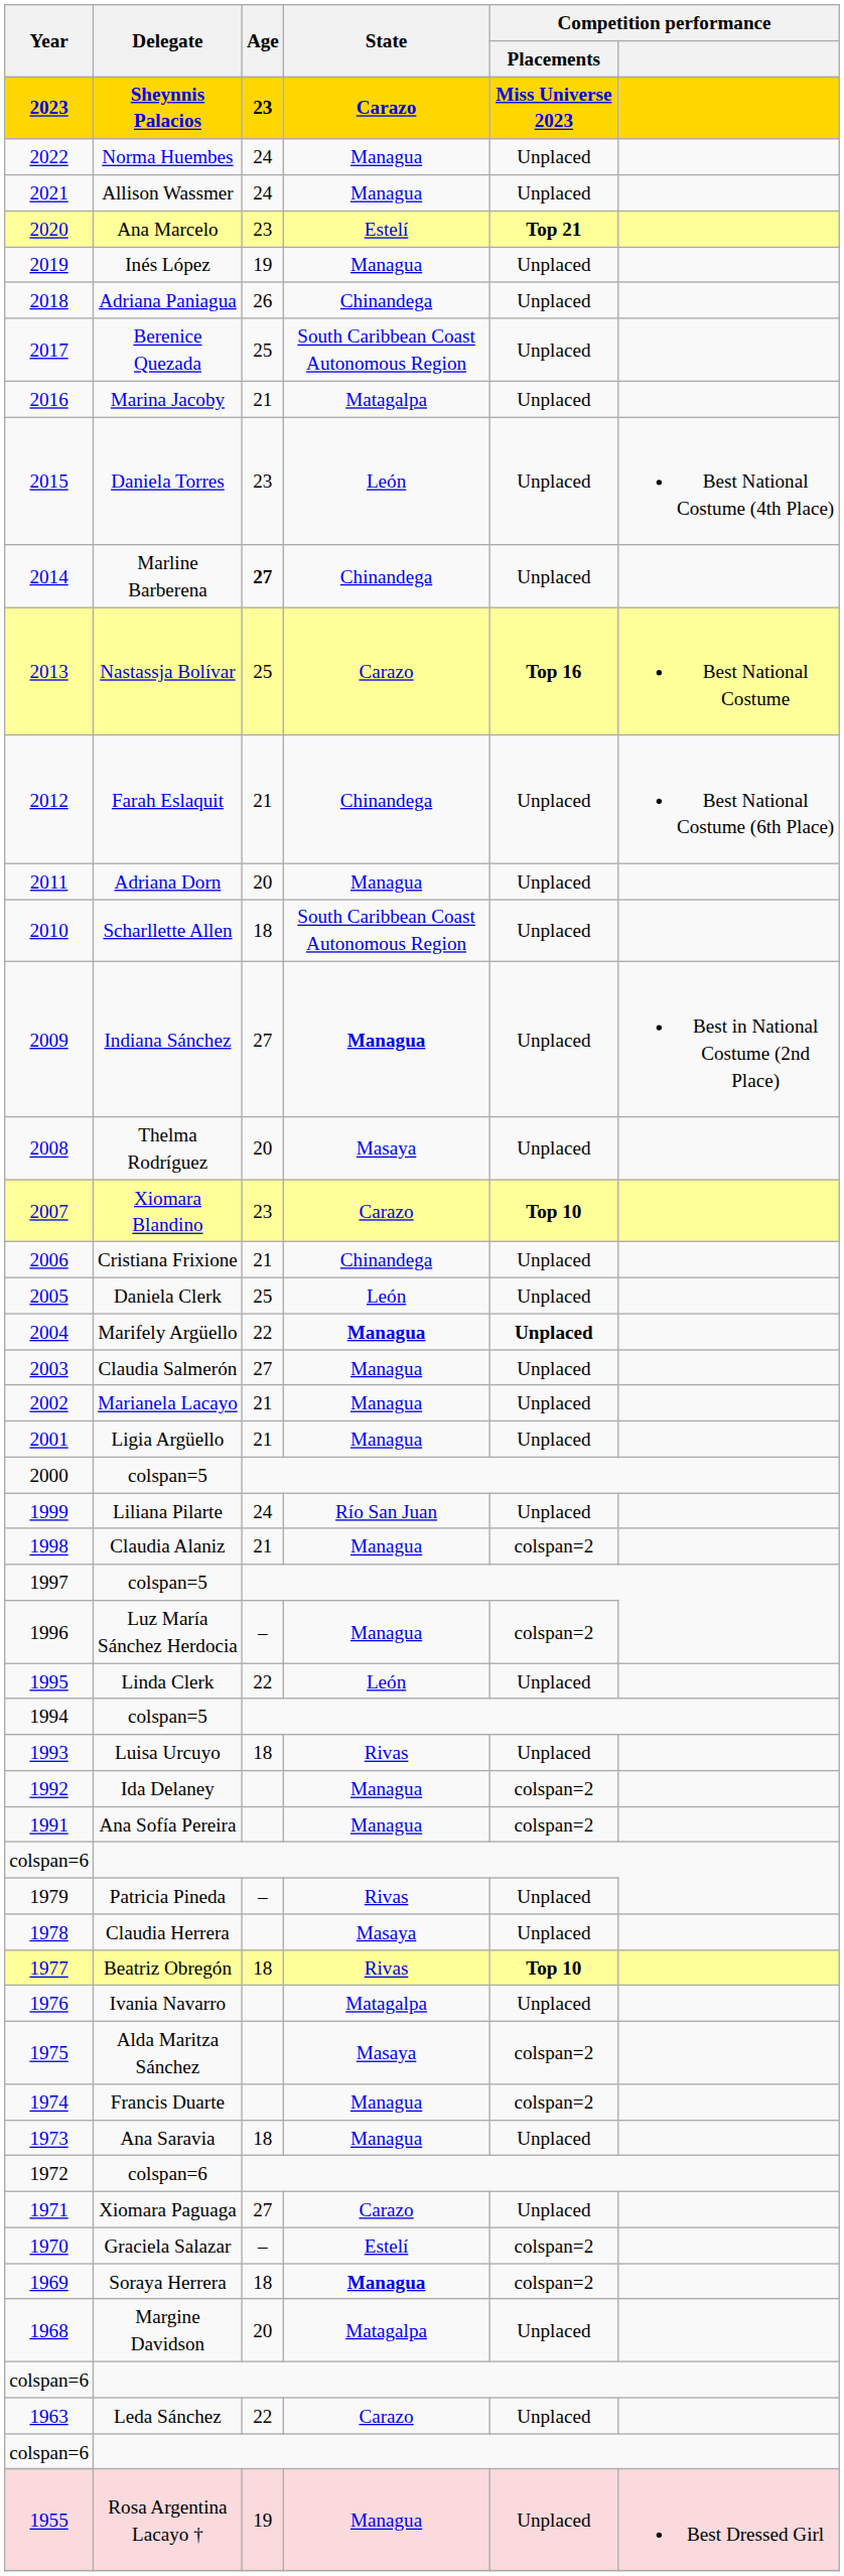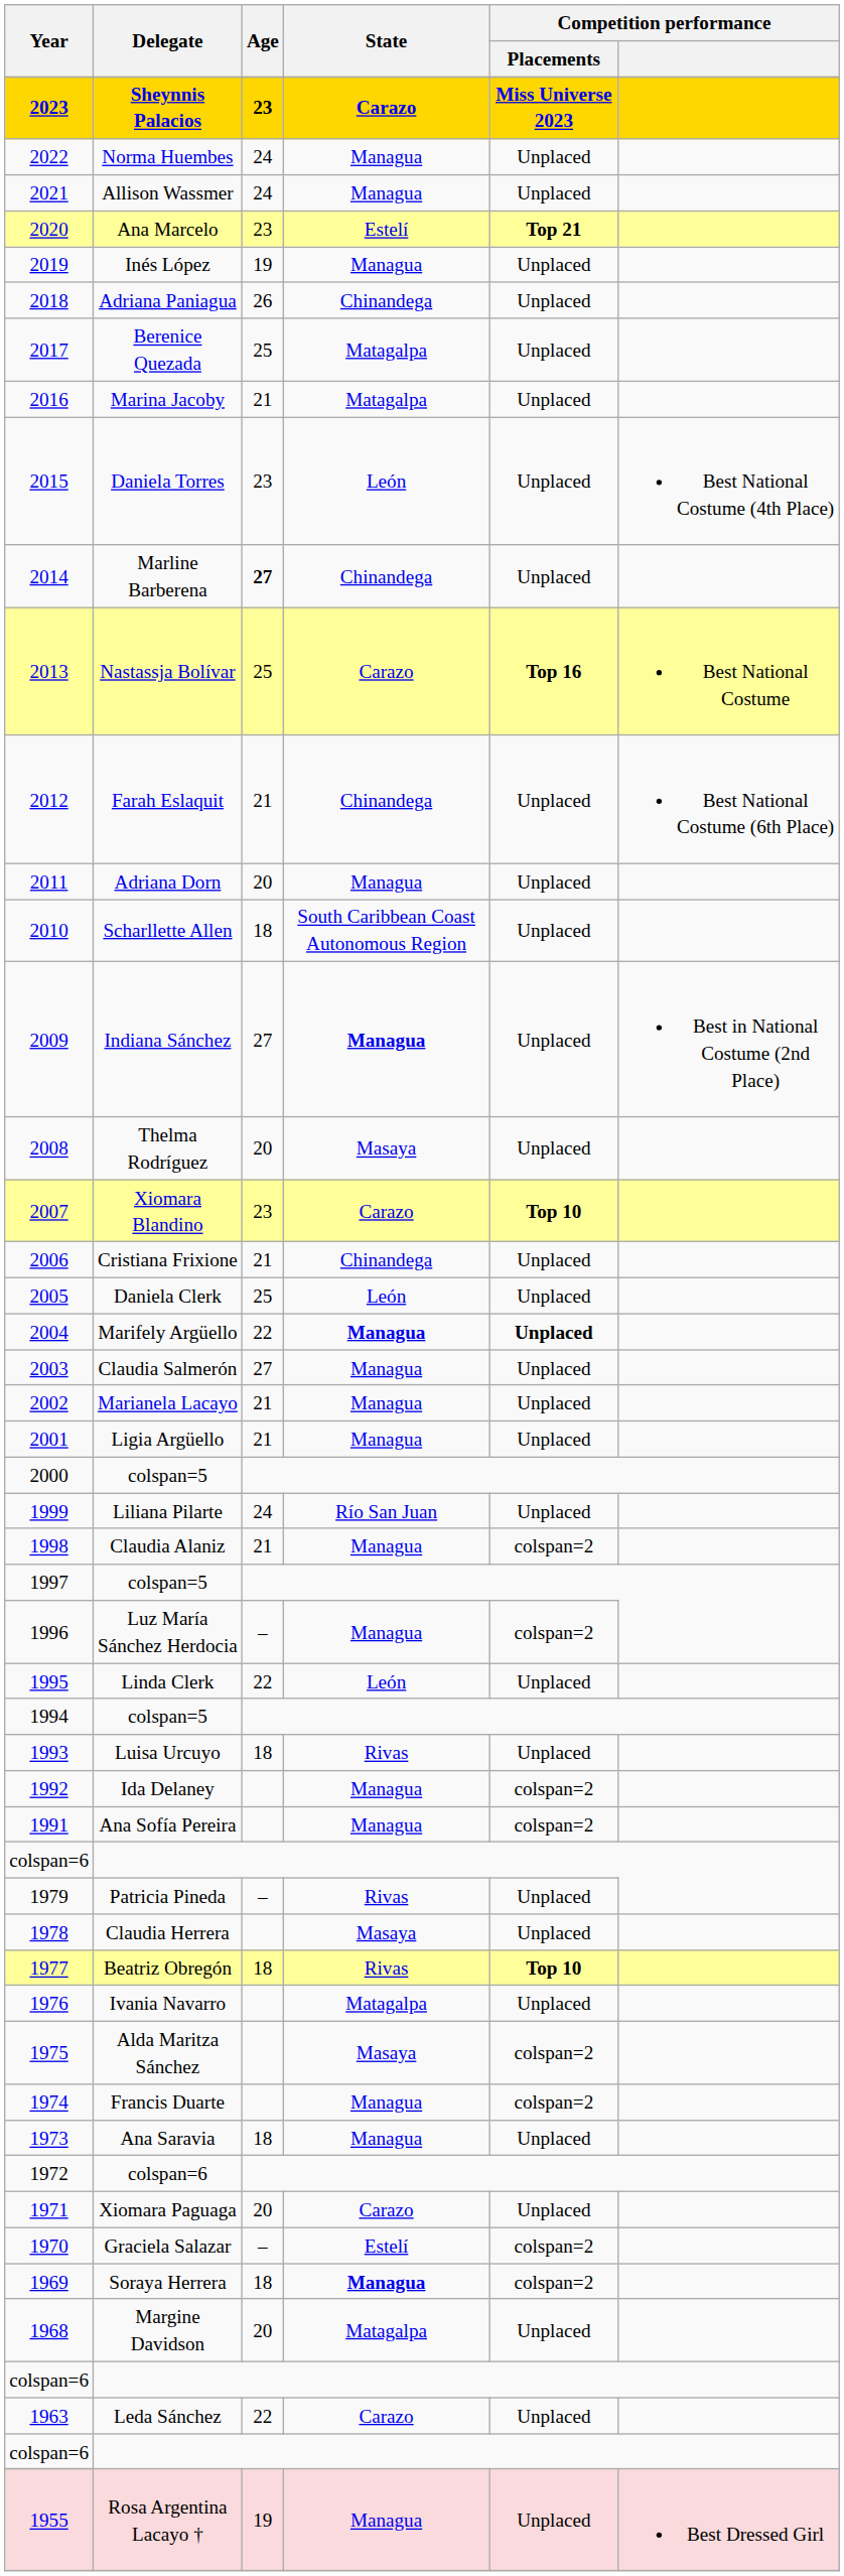 <table class="wikitable" style="text-align:center; line-height:20px; font-size:90%; width:100%;">
 <tr>
 <th rowspan="2">Year</th>
 <th rowspan="2">Delegate</th>
 <th rowspan="2">Age</th>
 <th rowspan="2">State</th>
 <th colspan="2">Competition performance</th>
 </tr>
 <tr>
 <th>Placements</th>
 <th></th>
 </tr>
 <tr>
 </tr>
 <tr style="background-color:GOLD; font-weight: bold">
 <td><a href='#'>2023</a></td>
 <td><a href='#'>Sheynnis Palacios</a></td>
 <td>23</td>
 <td><a href='#'>Carazo</a></td>
 <td><a href='#'>Miss Universe 2023</a></td>
 <td></td>
 </tr>
 <tr>
 <td><a href='#'>2022</a></td>
 <td><a href='#'>Norma Huembes</a></td>
 <td>24</td>
 <td><a href='#'>Managua</a></td>
 <td>Unplaced</td>
 <td></td>
 </tr>
 <tr>
 <td><a href='#'>2021</a></td>
 <td>Allison Wassmer</td>
 <td>24</td>
 <td><a href='#'>Managua</a></td>
 <td>Unplaced</td>
 <td></td>
 </tr>
 <tr style="background-color:#FFFF99;">
 <td><a href='#'>2020</a></td>
 <td>Ana Marcelo</td>
 <td>23</td>
 <td><a href='#'>Estelí</a></td>
 <td><strong>Top 21</strong></td>
 <td></td>
 </tr>
 <tr>
 <td><a href='#'>2019</a></td>
 <td>Inés López</td>
 <td>19</td>
 <td><a href='#'>Managua</a></td>
 <td>Unplaced</td>
 <td></td>
 </tr>
 <tr>
 <td><a href='#'>2018</a></td>
 <td><a href='#'>Adriana Paniagua</a></td>
 <td>26</td>
 <td><a href='#'>Chinandega</a></td>
 <td>Unplaced</td>
 <td></td>
 </tr>
 <tr>
 <td><a href='#'>2017</a></td>
 <td><a href='#'>Berenice Quezada</a></td>
 <td>25</td>
-<td><a href='#'>South Caribbean Coast Autonomous Region</a></td>
+<td><a href='#'>Matagalpa</a></td>
 <td>Unplaced</td>
 <td></td>
 </tr>
 <tr>
 <td><a href='#'>2016</a></td>
 <td><a href='#'>Marina Jacoby</a></td>
 <td>21</td>
 <td><a href='#'>Matagalpa</a></td>
 <td>Unplaced</td>
 <td></td>
 </tr>
 <tr>
 <td><a href='#'>2015</a></td>
 <td><a href='#'>Daniela Torres</a></td>
 <td>23</td>
 <td><a href='#'>León</a></td>
 <td>Unplaced</td>
 <td><br><ul><li>Best National Costume (4th Place)</li></ul></td>
 </tr>
 <tr>
 <td><a href='#'>2014</a></td>
 <td>Marline Barberena</td>
 <td><strong>27</strong></td>
 <td><a href='#'>Chinandega</a></td>
 <td>Unplaced</td>
 <td></td>
 </tr>
 <tr style="background-color:#FFFF99;">
 <td><a href='#'>2013</a></td>
 <td><a href='#'>Nastassja Bolívar</a></td>
 <td>25</td>
 <td><a href='#'>Carazo</a></td>
 <td><strong>Top 16</strong></td>
 <td><br><ul><li>Best National Costume</li></ul></td>
 </tr>
 <tr>
 <td><a href='#'>2012</a></td>
 <td><a href='#'>Farah Eslaquit</a></td>
 <td>21</td>
 <td><a href='#'>Chinandega</a></td>
 <td>Unplaced</td>
 <td><br><ul><li>Best National Costume (6th Place)</li></ul></td>
 </tr>
 <tr>
 <td><a href='#'>2011</a></td>
 <td><a href='#'>Adriana Dorn</a></td>
 <td>20</td>
 <td><a href='#'>Managua</a></td>
 <td>Unplaced</td>
 <td></td>
 </tr>
 <tr>
 <td><a href='#'>2010</a></td>
 <td><a href='#'>Scharllette Allen</a></td>
 <td>18</td>
 <td><a href='#'>South Caribbean Coast Autonomous Region</a></td>
 <td>Unplaced</td>
 <td></td>
 </tr>
 <tr>
 <td><a href='#'>2009</a></td>
 <td><a href='#'>Indiana Sánchez</a></td>
 <td>27</td>
 <td><strong><a href='#'>Managua</a></strong></td>
 <td>Unplaced</td>
 <td><br><ul><li>Best in National Costume (2nd Place)</li></ul></td>
 </tr>
 <tr>
 <td><a href='#'>2008</a></td>
 <td>Thelma Rodríguez</td>
 <td>20</td>
 <td><a href='#'>Masaya</a></td>
 <td>Unplaced</td>
 <td></td>
 </tr>
 <tr style="background-color:#FFFF99;">
 <td><a href='#'>2007</a></td>
 <td><a href='#'>Xiomara Blandino</a></td>
 <td>23</td>
 <td><a href='#'>Carazo</a></td>
 <td><strong>Top 10</strong></td>
 <td></td>
 </tr>
 <tr>
 <td><a href='#'>2006</a></td>
 <td>Cristiana Frixione</td>
 <td>21</td>
 <td><a href='#'>Chinandega</a></td>
 <td>Unplaced</td>
 <td></td>
 </tr>
 <tr>
 <td><a href='#'>2005</a></td>
 <td>Daniela Clerk</td>
 <td>25</td>
 <td><a href='#'>León</a></td>
 <td>Unplaced</td>
 <td></td>
 </tr>
 <tr>
 <td><a href='#'>2004</a></td>
 <td>Marifely Argüello</td>
 <td>22</td>
 <td><strong><a href='#'>Managua</a></strong></td>
 <td><strong>Unplaced</strong></td>
 <td></td>
 </tr>
 <tr>
 <td><a href='#'>2003</a></td>
 <td>Claudia Salmerón</td>
 <td>27</td>
 <td><a href='#'>Managua</a></td>
 <td>Unplaced</td>
 <td></td>
 </tr>
 <tr>
 <td><a href='#'>2002</a></td>
 <td><a href='#'>Marianela Lacayo</a></td>
 <td>21</td>
 <td><a href='#'>Managua</a></td>
 <td>Unplaced</td>
 <td></td>
 </tr>
 <tr>
 <td><a href='#'>2001</a></td>
 <td>Ligia Argüello</td>
 <td>21</td>
 <td><a href='#'>Managua</a></td>
 <td>Unplaced</td>
 <td></td>
 </tr>
 <tr>
 <td>2000</td>
 <td>colspan=5 </td>
 </tr>
 <tr>
 <td><a href='#'>1999</a></td>
 <td>Liliana Pilarte</td>
 <td>24</td>
 <td><a href='#'>Río San Juan</a></td>
 <td>Unplaced</td>
 <td></td>
 </tr>
 <tr>
 <td><a href='#'>1998</a></td>
 <td>Claudia Alaniz</td>
 <td>21</td>
 <td><a href='#'>Managua</a></td>
 <td>colspan=2 </td>
 <td></td>
 </tr>
 <tr>
 <td>1997</td>
 <td>colspan=5 </td>
 </tr>
 <tr>
 <td>1996</td>
 <td>Luz María Sánchez Herdocia</td>
 <td>–</td>
 <td><a href='#'>Managua</a></td>
 <td>colspan=2 </td>
 </tr>
 <tr>
 <td><a href='#'>1995</a></td>
 <td>Linda Clerk</td>
 <td>22</td>
 <td><a href='#'>León</a></td>
 <td>Unplaced</td>
 <td></td>
 </tr>
 <tr>
 <td>1994</td>
 <td>colspan=5 </td>
 </tr>
 <tr>
 <td><a href='#'>1993</a></td>
 <td>Luisa Urcuyo</td>
 <td>18</td>
 <td><a href='#'>Rivas</a></td>
 <td>Unplaced</td>
 <td></td>
 </tr>
 <tr>
 <td><a href='#'>1992</a></td>
 <td>Ida Delaney</td>
 <td></td>
 <td><a href='#'>Managua</a></td>
 <td>colspan=2 </td>
 <td></td>
 </tr>
 <tr>
 <td><a href='#'>1991</a></td>
 <td>Ana Sofía Pereira</td>
 <td></td>
 <td><a href='#'>Managua</a></td>
 <td>colspan=2 </td>
 <td></td>
 </tr>
 <tr>
 <td>colspan=6 </td>
 </tr>
 <tr>
 <td>1979</td>
 <td>Patricia Pineda</td>
 <td>–</td>
 <td><a href='#'>Rivas</a></td>
 <td>Unplaced</td>
 </tr>
 <tr>
 <td><a href='#'>1978</a></td>
 <td>Claudia Herrera</td>
 <td></td>
 <td><a href='#'>Masaya</a></td>
 <td>Unplaced</td>
 <td></td>
 </tr>
 <tr style="background-color:#FFFF99;">
 <td><a href='#'>1977</a></td>
 <td>Beatriz Obregón</td>
 <td>18</td>
 <td><a href='#'>Rivas</a></td>
 <td><strong>Top 10</strong></td>
 <td></td>
 </tr>
 <tr>
 <td><a href='#'>1976</a></td>
 <td>Ivania Navarro</td>
 <td></td>
 <td><a href='#'>Matagalpa</a></td>
 <td>Unplaced</td>
 <td></td>
 </tr>
 <tr>
 <td><a href='#'>1975</a></td>
 <td>Alda Maritza Sánchez</td>
 <td></td>
 <td><a href='#'>Masaya</a></td>
 <td>colspan=2 </td>
 <td></td>
 </tr>
 <tr>
 <td><a href='#'>1974</a></td>
 <td>Francis Duarte</td>
 <td></td>
 <td><a href='#'>Managua</a></td>
 <td>colspan=2 </td>
 <td></td>
 </tr>
 <tr>
 <td><a href='#'>1973</a></td>
 <td>Ana Saravia</td>
 <td>18</td>
 <td><a href='#'>Managua</a></td>
 <td>Unplaced</td>
 <td></td>
 </tr>
 <tr>
 <td>1972</td>
 <td>colspan=6 </td>
 </tr>
 <tr>
 <td><a href='#'>1971</a></td>
 <td>Xiomara Paguaga</td>
-<td>27</td>
+<td>20</td>
 <td><a href='#'>Carazo</a></td>
 <td>Unplaced</td>
 <td></td>
 </tr>
 <tr>
 <td><a href='#'>1970</a></td>
 <td>Graciela Salazar</td>
 <td>–</td>
 <td><a href='#'>Estelí</a></td>
 <td>colspan=2 </td>
 <td></td>
 </tr>
 <tr>
 <td><a href='#'>1969</a></td>
 <td>Soraya Herrera</td>
 <td>18</td>
 <td><strong><a href='#'>Managua</a></strong></td>
 <td>colspan=2 </td>
 <td></td>
 </tr>
 <tr>
 <td><a href='#'>1968</a></td>
 <td>Margine Davidson</td>
 <td>20</td>
 <td><a href='#'>Matagalpa</a></td>
 <td>Unplaced</td>
 <td></td>
 </tr>
 <tr>
 <td>colspan=6 </td>
 </tr>
 <tr>
 <td><a href='#'>1963</a></td>
 <td>Leda Sánchez</td>
 <td>22</td>
 <td><a href='#'>Carazo</a></td>
 <td>Unplaced</td>
 <td></td>
 </tr>
 <tr>
 <td>colspan=6 </td>
 </tr>
 <tr>
 </tr>
 <tr style="background-color:#FADADD;">
 <td><a href='#'>1955</a></td>
 <td>Rosa Argentina Lacayo †</td>
 <td>19</td>
 <td><a href='#'>Managua</a></td>
 <td>Unplaced</td>
 <td><br><ul><li>Best Dressed Girl</li></ul></td>
 </tr>
 <tr>
 </tr>
 </table>
